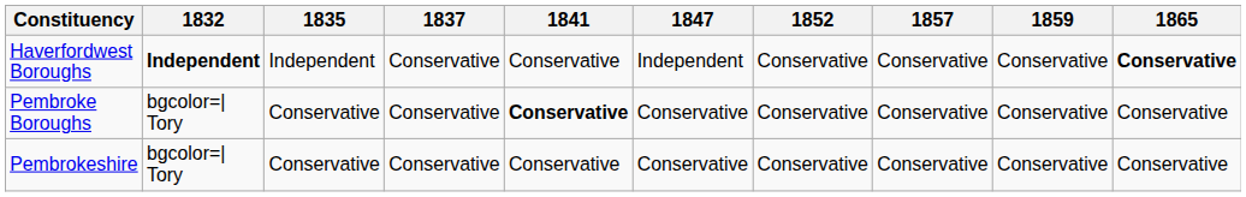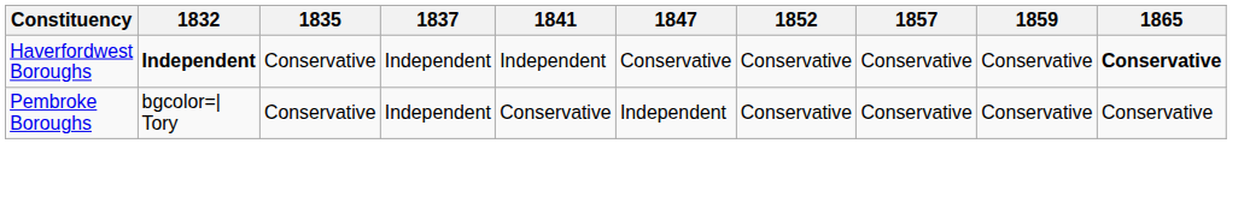 <table class=wikitable sortable>
 <tr>
 <th>Constituency</th>
 <th>1832</th>
 <th>1835</th>
 <th>1837</th>
 <th>1841</th>
 <th>1847</th>
 <th>1852</th>
 <th>1857</th>
 <th>1859</th>
 <th>1865</th>
 </tr>
 <tr>
 <td><a href='#'>Haverfordwest Boroughs</a></td>
 <td bgcolor=><strong>Independent</strong></td>
+<td bgcolor=>Conservative</td>
+<td bgcolor=>Independent</td>
 <td bgcolor=>Independent</td>
 <td bgcolor=>Conservative</td>
-<td bgcolor=>Conservative</td>
-<td bgcolor=>Independent</td>
 <td bgcolor=>Conservative</td>
 <td bgcolor=>Conservative</td>
 <td bgcolor=>Conservative</td>
 <td bgcolor=><strong>Conservative</strong></td>
 </tr>
 <tr>
 <td><a href='#'>Pembroke Boroughs</a></td>
 <td bgcolor=>bgcolor=| Tory</td>
 <td bgcolor=>Conservative</td>
+<td bgcolor=>Independent</td>
 <td bgcolor=>Conservative</td>
-<td bgcolor=><strong>Conservative</strong></td>
-<td bgcolor=>Conservative</td>
-<td bgcolor=>Conservative</td>
-<td bgcolor=>Conservative</td>
-<td bgcolor=>Conservative</td>
-<td bgcolor=>Conservative</td>
-</tr>
-<tr>
-<td><a href='#'>Pembrokeshire</a></td>
-<td bgcolor=>bgcolor=| Tory</td>
-<td bgcolor=>Conservative</td>
-<td bgcolor=>Conservative</td>
-<td bgcolor=>Conservative</td>
-<td bgcolor=>Conservative</td>
+<td bgcolor=>Independent</td>
 <td bgcolor=>Conservative</td>
 <td bgcolor=>Conservative</td>
 <td bgcolor=>Conservative</td>
 <td bgcolor=>Conservative</td>
 </tr>
 </table>
